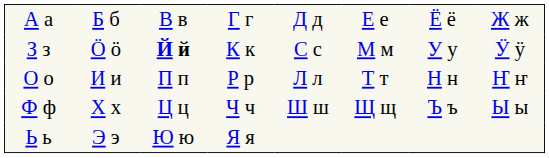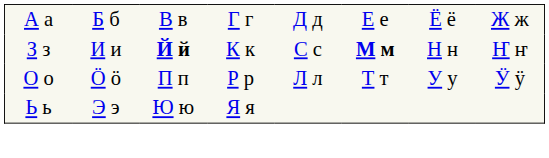 <table style="font-family:Microsoft Sans Serif; font-size:1.4em; border-color:black; border-width:1px; border-style:solid; border-collapse:collapse; background-color:#F8F8EF">
 <tr>
 <td style="width:3em; text-align:center; padding: 3px;"><a href='#'>А</a> а</td>
 <td style="width:3em; text-align:center; padding: 3px;"><a href='#'>Б</a> б</td>
 <td style="width:3em; text-align:center; padding: 3px;"><a href='#'>В</a> в</td>
 <td style="width:3em; text-align:center; padding: 3px;"><a href='#'>Г</a> г</td>
 <td style="width:3em; text-align:center; padding: 3px;"><a href='#'>Д</a> д</td>
 <td style="width:3em; text-align:center; padding: 3px;"><a href='#'>Е</a> е</td>
 <td style="width:3em; text-align:center; padding: 3px;"><a href='#'>Ё</a> ё</td>
 <td style="width:3em; text-align:center; padding: 3px;"><a href='#'>Ж</a> ж</td>
 </tr>
 <tr>
 <td style="width:3em; text-align:center; padding: 3px;"><a href='#'>З</a> з</td>
-<td style="width:3em; text-align:center; padding: 3px;"><a href='#'>Ӧ</a> ӧ</td>
+<td style="width:3em; text-align:center; padding: 3px;"><a href='#'>И</a> и</td>
 <td style="width:3em; text-align:center; padding: 3px;"><strong><a href='#'>Й</a> й</strong></td>
 <td style="width:3em; text-align:center; padding: 3px;"><a href='#'>К</a> к</td>
 <td style="width:3em; text-align:center; padding: 3px;"><a href='#'>С</a> с</td>
-<td style="width:3em; text-align:center; padding: 3px;"><a href='#'>М</a> м</td>
-<td style="width:3em; text-align:center; padding: 3px;"><a href='#'>У</a> у</td>
-<td style="width:3em; text-align:center; padding: 3px;"><a href='#'>Ӱ</a> ӱ</td>
+<td style="width:3em; text-align:center; padding: 3px;"><strong><a href='#'>М</a> м</strong></td>
+<td style="width:3em; text-align:center; padding: 3px;"><a href='#'>Н</a> н</td>
+<td style="width:3em; text-align:center; padding: 3px;"><a href='#'>Ҥ</a> ҥ</td>
 </tr>
 <tr>
 <td style="width:3em; text-align:center; padding: 3px;"><a href='#'>О</a> о</td>
-<td style="width:3em; text-align:center; padding: 3px;"><a href='#'>И</a> и</td>
+<td style="width:3em; text-align:center; padding: 3px;"><a href='#'>Ӧ</a> ӧ</td>
 <td style="width:3em; text-align:center; padding: 3px;"><a href='#'>П</a> п</td>
 <td style="width:3em; text-align:center; padding: 3px;"><a href='#'>Р</a> р</td>
 <td style="width:3em; text-align:center; padding: 3px;"><a href='#'>Л</a> л</td>
 <td style="width:3em; text-align:center; padding: 3px;"><a href='#'>Т</a> т</td>
-<td style="width:3em; text-align:center; padding: 3px;"><a href='#'>Н</a> н</td>
-<td style="width:3em; text-align:center; padding: 3px;"><a href='#'>Ҥ</a> ҥ</td>
-</tr>
-<tr>
-<td style="width:3em; text-align:center; padding: 3px;"><a href='#'>Ф</a> ф</td>
-<td style="width:3em; text-align:center; padding: 3px;"><a href='#'>Х</a> х</td>
-<td style="width:3em; text-align:center; padding: 3px;"><a href='#'>Ц</a> ц</td>
-<td style="width:3em; text-align:center; padding: 3px;"><a href='#'>Ч</a> ч</td>
-<td style="width:3em; text-align:center; padding: 3px;"><a href='#'>Ш</a> ш</td>
-<td style="width:3em; text-align:center; padding: 3px;"><a href='#'>Щ</a> щ</td>
-<td style="width:3em; text-align:center; padding: 3px;"><a href='#'>Ъ</a> ъ</td>
-<td style="width:3em; text-align:center; padding: 3px;"><a href='#'>Ы</a> ы</td>
+<td style="width:3em; text-align:center; padding: 3px;"><a href='#'>У</a> у</td>
+<td style="width:3em; text-align:center; padding: 3px;"><a href='#'>Ӱ</a> ӱ</td>
 </tr>
 <tr>
 <td style="width:3em; text-align:center; padding: 3px;"><a href='#'>Ь</a> ь</td>
 <td style="width:3em; text-align:center; padding: 3px;"><a href='#'>Э</a> э</td>
 <td style="width:3em; text-align:center; padding: 3px;"><a href='#'>Ю</a> ю</td>
 <td style="width:3em; text-align:center; padding: 3px;"><a href='#'>Я</a> я</td>
 <td></td>
 <td></td>
 <td></td>
 <td></td>
 </tr>
 </table>
